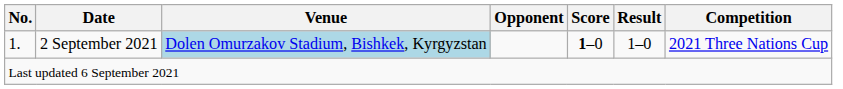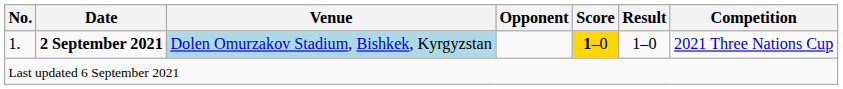 <table class="wikitable" style="font-size:85%;">
 <tr>
 <th>No.</th>
 <th>Date</th>
 <th>Venue</th>
 <th>Opponent</th>
 <th>Score</th>
 <th>Result</th>
 <th>Competition</th>
 </tr>
 <tr>
 <td>1.</td>
-<td>2 September 2021</td>
+<td><strong>2 September 2021</strong></td>
 <td style="background: lightblue;"><a href='#'>Dolen Omurzakov Stadium</a>, <a href='#'>Bishkek</a>, Kyrgyzstan</td>
 <td></td>
-<td align=center><strong>1</strong>–0</td>
+<td align=center style="background: gold;"><strong>1</strong>–0</td>
 <td align=center>1–0</td>
 <td><a href='#'>2021 Three Nations Cup</a></td>
 </tr>
 <tr>
 <td colspan="7"><small>Last updated 6 September 2021</small></td>
 </tr>
 </table>
